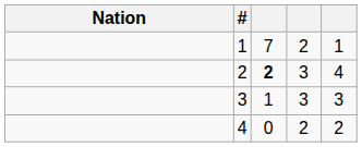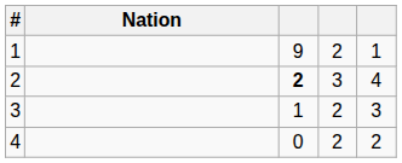 <table class="wikitable"  padding=3>
 <tr>
+<th width="5%" class="hintergrundfarbe8">#</th>
 <th width="65%" class="hintergrundfarbe8">Nation</th>
-<th width="5%" class="hintergrundfarbe8">#</th>
 <th width="10%"></th>
 <th width="10%"></th>
 <th width="10%"></th>
 </tr>
 <tr>
+<td>1</td>
 <td></td>
-<td>1</td>
-<td style="text-align:center">7</td>
+<td style="text-align:center">9</td>
 <td style="text-align:center">2</td>
 <td style="text-align:center">1</td>
 </tr>
 <tr>
+<td>2</td>
 <td></td>
-<td>2</td>
 <td style="text-align:center"><strong>2</strong></td>
 <td style="text-align:center">3</td>
 <td style="text-align:center">4</td>
 </tr>
 <tr>
+<td>3</td>
 <td></td>
-<td>3</td>
 <td style="text-align:center">1</td>
-<td style="text-align:center">3</td>
+<td style="text-align:center">2</td>
 <td style="text-align:center">3</td>
 </tr>
 <tr>
+<td>4</td>
 <td></td>
-<td>4</td>
 <td style="text-align:center">0</td>
 <td style="text-align:center">2</td>
 <td style="text-align:center">2</td>
 </tr>
 </table>
